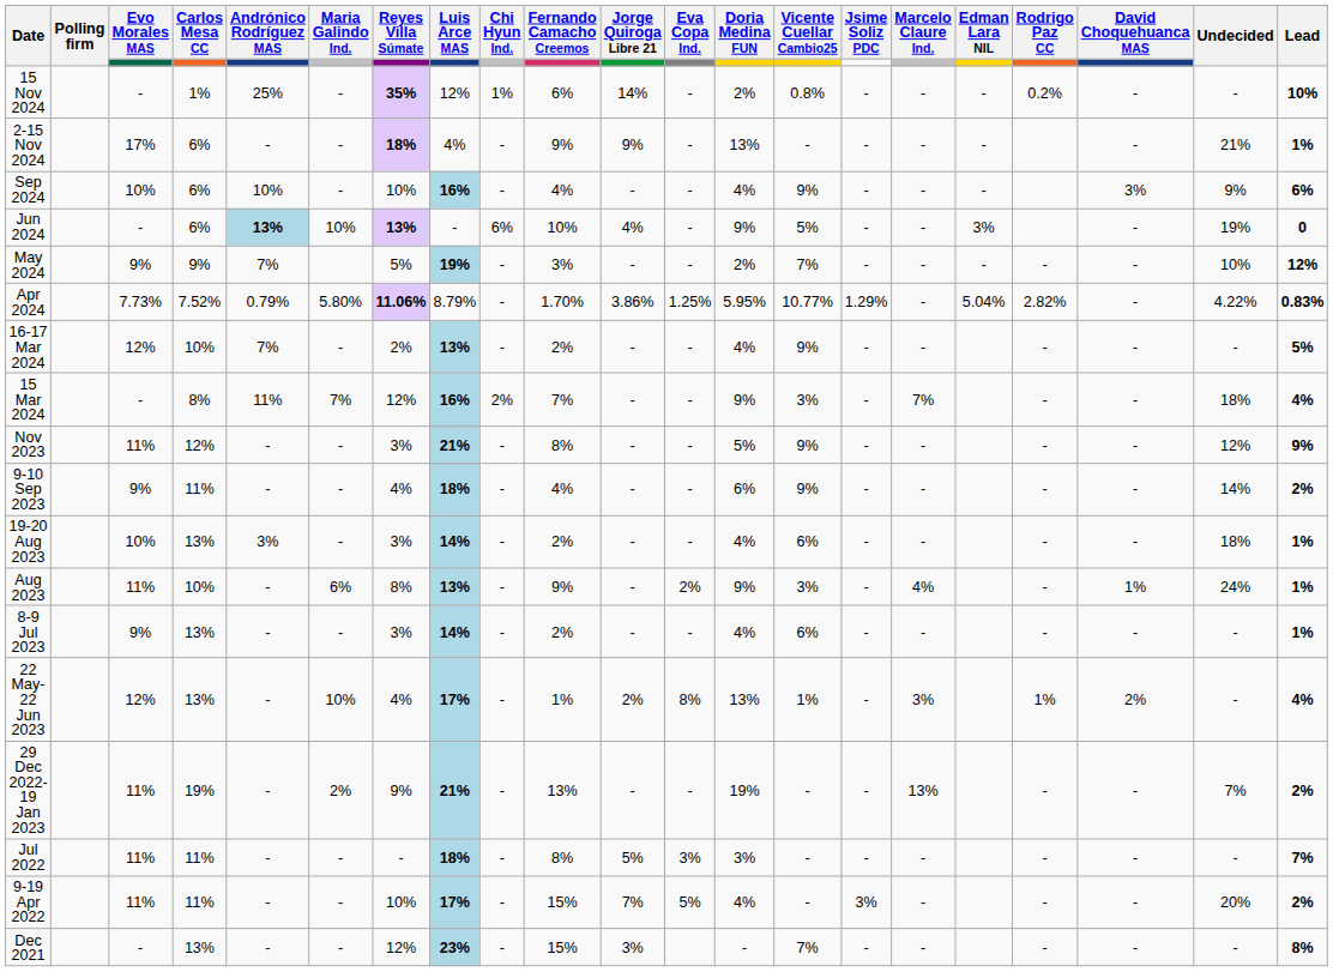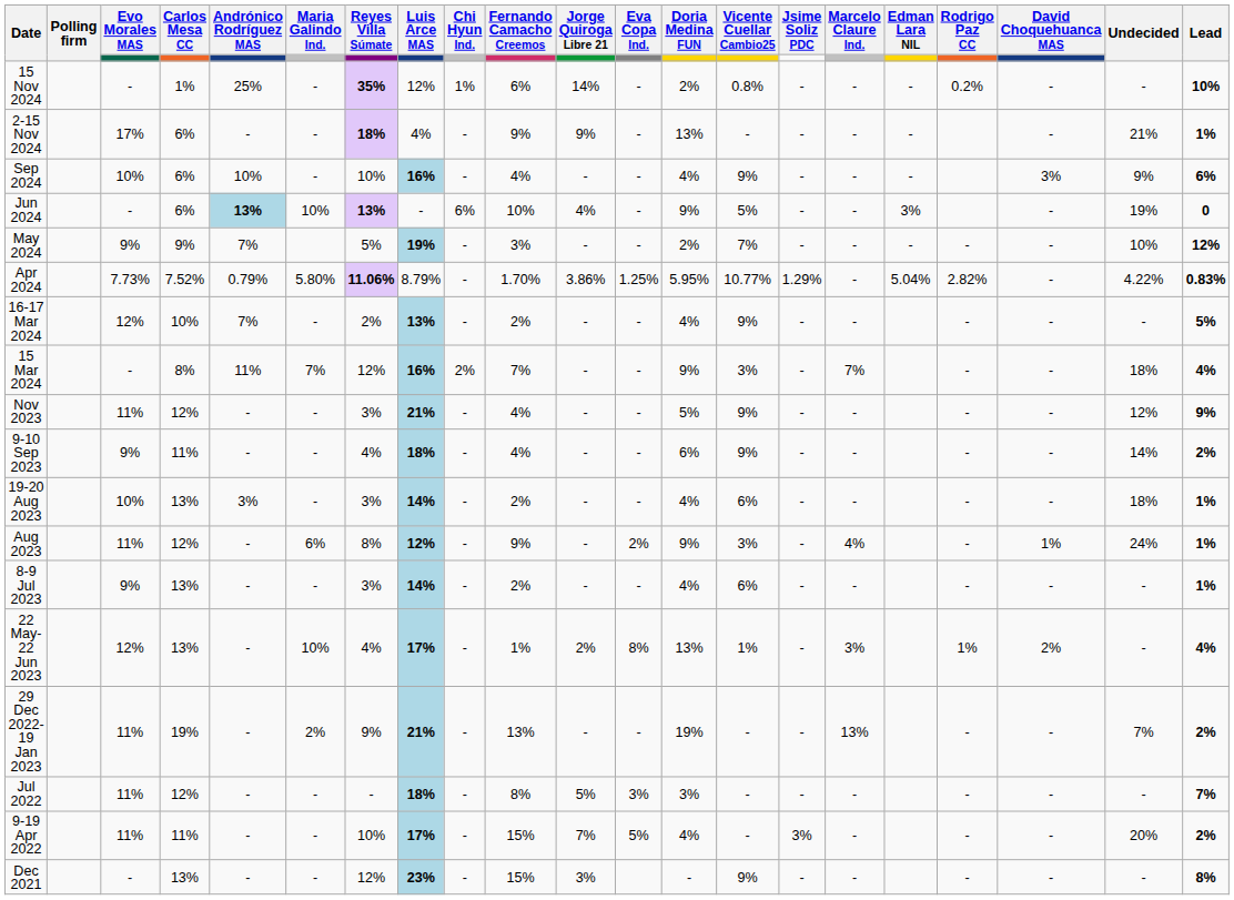 <table class="wikitable" style="text-align:center; font-size:81%; line-height:13px;">
 <tr>
 <th rowspan="2">Date</th>
 <th rowspan="2">Polling firm</th>
 <th><a href='#'>Evo Morales</a><br><small><a href='#'>MAS</a></small></th>
 <th><a href='#'>Carlos Mesa</a><br><small><a href='#'>CC</a></small></th>
 <th><a href='#'>Andrónico Rodríguez</a><br><small><a href='#'>MAS</a></small></th>
 <th><a href='#'>Maria Galindo</a><br><small><a href='#'>Ind.</a></small></th>
 <th><a href='#'>Reyes Villa</a><br><small><a href='#'>Súmate</a></small></th>
 <th><a href='#'>Luis Arce</a><br><small><a href='#'>MAS</a></small></th>
 <th><a href='#'>Chi Hyun</a><br><small><a href='#'>Ind.</a></small></th>
 <th><a href='#'>Fernando Camacho</a><br><small><a href='#'>Creemos</a></small></th>
 <th><a href='#'>Jorge Quiroga</a><br><small>Libre 21</small></th>
 <th><a href='#'>Eva Copa</a> <br><small><a href='#'>Ind.</a></small></th>
 <th><a href='#'>Doria Medina</a><br><small><a href='#'>FUN</a></small></th>
 <th><a href='#'>Vicente Cuellar</a><br><small><a href='#'>Cambio25</a></small></th>
 <th><a href='#'>Jsime Soliz</a><br><small><a href='#'>PDC</a></small></th>
 <th><a href='#'>Marcelo Claure</a><br><small><a href='#'>Ind.</a></small></th>
 <th><a href='#'>Edman Lara</a><br><small>NIL</small></th>
 <th><a href='#'>Rodrigo Paz</a><br><small><a href='#'>CC</a></small></th>
 <th><a href='#'>David Choquehuanca</a><br><small><a href='#'>MAS</a></small></th>
 <th rowspan="2">Undecided</th>
 <th rowspan="2">Lead</th>
 </tr>
 <tr>
 <td bgcolor="#06664c"></td>
 <td bgcolor="#ef6424"></td>
 <td bgcolor="#143a82"></td>
 <td bgcolor="silver"></td>
 <td bgcolor="purple"></td>
 <td bgcolor="#143a82"></td>
 <td bgcolor="silver"></td>
 <td bgcolor="#D02D69"></td>
 <td bgcolor="#099837"></td>
 <td bgcolor="#808080"></td>
 <td bgcolor="#fdd601"></td>
 <td bgcolor="#fdd601"></td>
 <td></td>
 <td bgcolor=silver></td>
 <td bgcolor=gold></td>
 <td bgcolor="#ef6424"></td>
 <td bgcolor="#143a82"></td>
 </tr>
 <tr>
 <td>15 Nov 2024</td>
 <td></td>
 <td>-</td>
 <td>1%</td>
 <td>25%</td>
 <td>-</td>
 <td style="background:#E1C8FA"><strong>35%</strong></td>
 <td>12%</td>
 <td>1%</td>
 <td>6%</td>
 <td>14%</td>
 <td>-</td>
 <td>2%</td>
 <td>0.8%</td>
 <td>-</td>
 <td>-</td>
 <td>-</td>
 <td>0.2%</td>
 <td>-</td>
 <td>-</td>
 <td><strong>10%</strong></td>
 </tr>
 <tr>
 <td>2-15 Nov 2024</td>
 <td></td>
 <td>17%</td>
 <td>6%</td>
 <td>-</td>
 <td>-</td>
 <td style="background:#E1C8FA"><strong>18%</strong></td>
 <td>4%</td>
 <td>-</td>
 <td>9%</td>
 <td>9%</td>
 <td>-</td>
 <td>13%</td>
 <td>-</td>
 <td>-</td>
 <td>-</td>
 <td>-</td>
 <td></td>
 <td>-</td>
 <td>21%</td>
 <td><strong>1%</strong></td>
 </tr>
 <tr>
 <td>Sep 2024</td>
 <td></td>
 <td>10%</td>
 <td>6%</td>
 <td>10%</td>
 <td>-</td>
 <td>10%</td>
 <td style="background:#ADD8E6"><strong>16%</strong></td>
 <td>-</td>
 <td>4%</td>
 <td>-</td>
 <td>-</td>
 <td>4%</td>
 <td>9%</td>
 <td>-</td>
 <td>-</td>
 <td>-</td>
 <td></td>
 <td>3%</td>
 <td>9%</td>
 <td><strong>6%</strong></td>
 </tr>
 <tr>
 <td>Jun 2024</td>
 <td></td>
 <td>-</td>
 <td>6%</td>
 <td style="background:#ADD8E6"><strong>13%</strong></td>
 <td>10%</td>
 <td style="background:#E1C8FA"><strong>13%</strong></td>
 <td>-</td>
 <td>6%</td>
 <td>10%</td>
 <td>4%</td>
 <td>-</td>
 <td>9%</td>
 <td>5%</td>
 <td>-</td>
 <td>-</td>
 <td>3%</td>
 <td></td>
 <td>-</td>
 <td>19%</td>
 <td><strong>0</strong></td>
 </tr>
 <tr>
 <td>May 2024</td>
 <td></td>
 <td>9%</td>
 <td>9%</td>
 <td>7%</td>
 <td></td>
 <td>5%</td>
 <td style="background:#ADD8E6"><strong>19%</strong></td>
 <td>-</td>
 <td>3%</td>
 <td>-</td>
 <td>-</td>
 <td>2%</td>
 <td>7%</td>
 <td>-</td>
 <td>-</td>
 <td>-</td>
 <td>-</td>
 <td>-</td>
 <td>10%</td>
 <td><strong>12%</strong></td>
 </tr>
 <tr>
 <td>Apr 2024</td>
 <td></td>
 <td>7.73%</td>
 <td>7.52%</td>
 <td>0.79%</td>
 <td>5.80%</td>
 <td style="background:#E1C8FA"><strong>11.06%</strong></td>
 <td>8.79%</td>
 <td>-</td>
 <td>1.70%</td>
 <td>3.86%</td>
 <td>1.25%</td>
 <td>5.95%</td>
 <td>10.77%</td>
 <td>1.29%</td>
 <td>-</td>
 <td>5.04%</td>
 <td>2.82%</td>
 <td>-</td>
 <td>4.22%</td>
 <td><strong>0.83%</strong></td>
 </tr>
 <tr>
 <td>16-17 Mar 2024</td>
 <td></td>
 <td>12%</td>
 <td>10%</td>
 <td>7%</td>
 <td>-</td>
 <td>2%</td>
 <td style="background:#ADD8E6"><strong>13%</strong></td>
 <td>-</td>
 <td>2%</td>
 <td>-</td>
 <td>-</td>
 <td>4%</td>
 <td>9%</td>
 <td>-</td>
 <td>-</td>
 <td></td>
 <td>-</td>
 <td>-</td>
 <td>-</td>
 <td><strong>5%</strong></td>
 </tr>
 <tr>
 <td>15 Mar 2024</td>
 <td></td>
 <td>-</td>
 <td>8%</td>
 <td>11%</td>
 <td>7%</td>
 <td>12%</td>
 <td style="background:#ADD8E6"><strong>16%</strong></td>
 <td>2%</td>
 <td>7%</td>
 <td>-</td>
 <td>-</td>
 <td>9%</td>
 <td>3%</td>
 <td>-</td>
 <td>7%</td>
 <td></td>
 <td>-</td>
 <td>-</td>
 <td>18%</td>
 <td><strong>4%</strong></td>
 </tr>
 <tr>
 <td>Nov 2023</td>
 <td></td>
 <td>11%</td>
 <td>12%</td>
 <td>-</td>
 <td>-</td>
 <td>3%</td>
 <td style="background:#ADD8E6"><strong>21%</strong></td>
 <td>-</td>
-<td>8%</td>
+<td>4%</td>
 <td>-</td>
 <td>-</td>
 <td>5%</td>
 <td>9%</td>
 <td>-</td>
 <td>-</td>
 <td></td>
 <td>-</td>
 <td>-</td>
 <td>12%</td>
 <td><strong>9%</strong></td>
 </tr>
 <tr>
 <td>9-10 Sep 2023</td>
 <td></td>
 <td>9%</td>
 <td>11%</td>
 <td>-</td>
 <td>-</td>
 <td>4%</td>
 <td style="background:#ADD8E6"><strong>18%</strong></td>
 <td>-</td>
 <td>4%</td>
 <td>-</td>
 <td>-</td>
 <td>6%</td>
 <td>9%</td>
 <td>-</td>
 <td>-</td>
 <td></td>
 <td>-</td>
 <td>-</td>
 <td>14%</td>
 <td><strong>2%</strong></td>
 </tr>
 <tr>
 <td>19-20 Aug 2023</td>
 <td></td>
 <td>10%</td>
 <td>13%</td>
 <td>3%</td>
 <td>-</td>
 <td>3%</td>
 <td style="background:#ADD8E6"><strong>14%</strong></td>
 <td>-</td>
 <td>2%</td>
 <td>-</td>
 <td>-</td>
 <td>4%</td>
 <td>6%</td>
 <td>-</td>
 <td>-</td>
 <td></td>
 <td>-</td>
 <td>-</td>
 <td>18%</td>
 <td><strong>1%</strong></td>
 </tr>
 <tr>
 <td>Aug 2023</td>
 <td></td>
 <td>11%</td>
-<td>10%</td>
+<td>12%</td>
 <td>-</td>
 <td>6%</td>
 <td>8%</td>
-<td style="background:#ADD8E6"><strong>13%</strong></td>
+<td style="background:#ADD8E6"><strong>12%</strong></td>
 <td>-</td>
 <td>9%</td>
 <td>-</td>
 <td>2%</td>
 <td>9%</td>
 <td>3%</td>
 <td>-</td>
 <td>4%</td>
 <td></td>
 <td>-</td>
 <td>1%</td>
 <td>24%</td>
 <td><strong>1%</strong></td>
 </tr>
 <tr>
 <td>8-9 Jul 2023</td>
 <td></td>
 <td>9%</td>
 <td>13%</td>
 <td>-</td>
 <td>-</td>
 <td>3%</td>
 <td style="background:#ADD8E6"><strong>14%</strong></td>
 <td>-</td>
 <td>2%</td>
 <td>-</td>
 <td>-</td>
 <td>4%</td>
 <td>6%</td>
 <td>-</td>
 <td>-</td>
 <td></td>
 <td>-</td>
 <td>-</td>
 <td>-</td>
 <td><strong>1%</strong></td>
 </tr>
 <tr>
 <td>22 May-22 Jun 2023</td>
 <td></td>
 <td>12%</td>
 <td>13%</td>
 <td>-</td>
 <td>10%</td>
 <td>4%</td>
 <td style="background:#ADD8E6"><strong>17%</strong></td>
 <td>-</td>
 <td>1%</td>
 <td>2%</td>
 <td>8%</td>
 <td>13%</td>
 <td>1%</td>
 <td>-</td>
 <td>3%</td>
 <td></td>
 <td>1%</td>
 <td>2%</td>
 <td>-</td>
 <td><strong>4%</strong></td>
 </tr>
 <tr>
 <td>29 Dec 2022-19 Jan 2023</td>
 <td></td>
 <td>11%</td>
 <td>19%</td>
 <td>-</td>
 <td>2%</td>
 <td>9%</td>
 <td style="background:#ADD8E6"><strong>21%</strong></td>
 <td>-</td>
 <td>13%</td>
 <td>-</td>
 <td>-</td>
 <td>19%</td>
 <td>-</td>
 <td>-</td>
 <td>13%</td>
 <td></td>
 <td>-</td>
 <td>-</td>
 <td>7%</td>
 <td><strong>2%</strong></td>
 </tr>
 <tr>
 <td>Jul 2022</td>
 <td></td>
 <td>11%</td>
-<td>11%</td>
+<td>12%</td>
 <td>-</td>
 <td>-</td>
 <td>-</td>
 <td style="background:#ADD8E6"><strong>18%</strong></td>
 <td>-</td>
 <td>8%</td>
 <td>5%</td>
 <td>3%</td>
 <td>3%</td>
 <td>-</td>
 <td>-</td>
 <td>-</td>
 <td></td>
 <td>-</td>
 <td>-</td>
 <td>-</td>
 <td><strong>7%</strong></td>
 </tr>
 <tr>
 <td>9-19 Apr 2022</td>
 <td></td>
 <td>11%</td>
 <td>11%</td>
 <td>-</td>
 <td>-</td>
 <td>10%</td>
 <td style="background:#ADD8E6"><strong>17%</strong></td>
 <td>-</td>
 <td>15%</td>
 <td>7%</td>
 <td>5%</td>
 <td>4%</td>
 <td>-</td>
 <td>3%</td>
 <td>-</td>
 <td></td>
 <td>-</td>
 <td>-</td>
 <td>20%</td>
 <td><strong>2%</strong></td>
 </tr>
 <tr>
 <td>Dec 2021</td>
 <td></td>
 <td>-</td>
 <td>13%</td>
 <td>-</td>
 <td>-</td>
 <td>12%</td>
 <td style="background:#ADD8E6"><strong>23%</strong></td>
 <td>-</td>
 <td>15%</td>
 <td>3%</td>
 <td></td>
 <td>-</td>
-<td>7%</td>
+<td>9%</td>
 <td>-</td>
 <td>-</td>
 <td></td>
 <td>-</td>
 <td>-</td>
 <td>-</td>
 <td><strong>8%</strong></td>
 </tr>
 </table>
